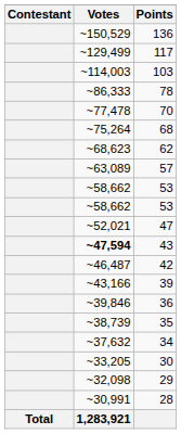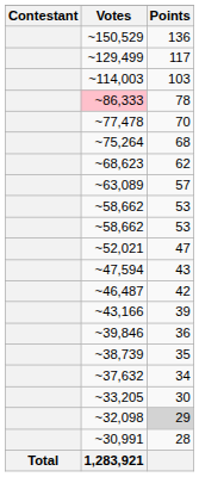 <table class="wikitable plainrowheaders" style="text-align:right;">
 <tr>
 </tr>
 <tr>
 <th scope="col">Contestant</th>
 <th scope="col">Votes</th>
 <th scope="col">Points</th>
 </tr>
 <tr>
 <th scope="row" style="text-align:left;"></th>
 <td>~150,529</td>
 <td>136</td>
 </tr>
 <tr>
 <th scope="row" style="text-align:left;"></th>
 <td>~129,499</td>
 <td>117</td>
 </tr>
 <tr>
 <th scope="row" style="text-align:left;"></th>
 <td>~114,003</td>
 <td>103</td>
 </tr>
 <tr>
 <th scope="row" style="text-align:left;"></th>
-<td>~86,333</td>
+<td style="background: pink;">~86,333</td>
 <td>78</td>
 </tr>
 <tr>
 <th scope="row" style="text-align:left;"></th>
 <td>~77,478</td>
 <td>70</td>
 </tr>
 <tr>
 <th scope="row" style="text-align:left;"></th>
 <td>~75,264</td>
 <td>68</td>
 </tr>
 <tr>
 <th scope="row" style="text-align:left;"></th>
 <td>~68,623</td>
 <td>62</td>
 </tr>
 <tr>
 <th scope="row" style="text-align:left;"></th>
 <td>~63,089</td>
 <td>57</td>
 </tr>
 <tr>
 <th scope="row" style="text-align:left;"></th>
 <td>~58,662</td>
 <td>53</td>
 </tr>
 <tr>
 <th scope="row" style="text-align:left;"></th>
 <td>~58,662</td>
 <td>53</td>
 </tr>
 <tr>
 <th scope="row" style="text-align:left;"></th>
 <td>~52,021</td>
 <td>47</td>
 </tr>
 <tr>
 <th scope="row" style="text-align:left;"></th>
-<td><strong>~47,594</strong></td>
+<td>~47,594</td>
 <td>43</td>
 </tr>
 <tr>
 <th scope="row" style="text-align:left;"></th>
 <td>~46,487</td>
 <td>42</td>
 </tr>
 <tr>
 <th scope="row" style="text-align:left;"></th>
 <td>~43,166</td>
 <td>39</td>
 </tr>
 <tr>
 <th scope="row" style="text-align:left;"></th>
 <td>~39,846</td>
 <td>36</td>
 </tr>
 <tr>
 <th scope="row" style="text-align:left;"></th>
 <td>~38,739</td>
 <td>35</td>
 </tr>
 <tr>
 <th scope="row" style="text-align:left;"></th>
 <td>~37,632</td>
 <td>34</td>
 </tr>
 <tr>
 <th scope="row" style="text-align:left;"></th>
 <td>~33,205</td>
 <td>30</td>
 </tr>
 <tr>
 <th scope="row" style="text-align:left;"></th>
 <td>~32,098</td>
-<td>29</td>
+<td style="background: lightgrey;">29</td>
 </tr>
 <tr>
 <th scope="row" style="text-align:left;"></th>
 <td>~30,991</td>
 <td>28</td>
 </tr>
 <tr>
 <th>Total</th>
 <th>1,283,921</th>
 <th></th>
 </tr>
 </table>
